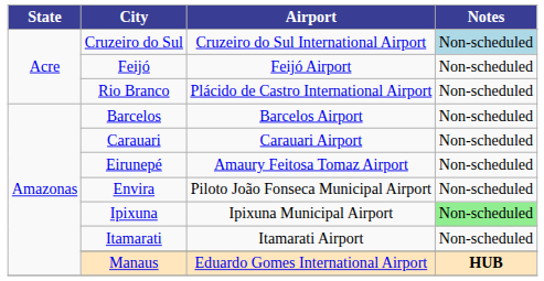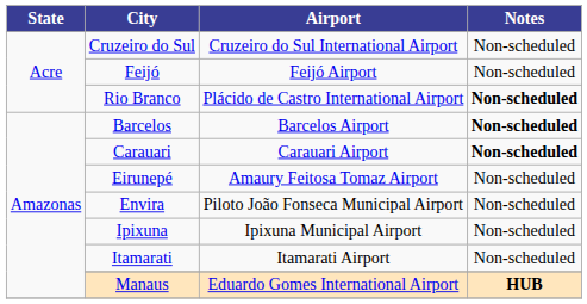 <table Class="wikitable" style= "text-align:center; margin: 1em auto;">
 <tr>
 <th style="background:#393d94; color:white;">State</th>
 <th style="background:#393d94; color:white;">City</th>
 <th style="background:#393d94; color:white;">Airport</th>
 <th style="background:#393d94; color:white;">Notes</th>
 </tr>
 <tr>
 <td rowspan=4><div><a href='#'>Acre</a></div></td>
 </tr>
 <tr>
 <td><a href='#'>Cruzeiro do Sul</a></td>
 <td><a href='#'>Cruzeiro do Sul International Airport</a></td>
-<td style="background: lightblue;">Non-scheduled</td>
+<td>Non-scheduled</td>
 </tr>
 <tr>
 <td><a href='#'>Feijó</a></td>
 <td><a href='#'>Feijó Airport</a></td>
 <td>Non-scheduled</td>
 </tr>
 <tr>
 <td><a href='#'>Rio Branco</a></td>
 <td><a href='#'>Plácido de Castro International Airport</a></td>
-<td>Non-scheduled</td>
+<td><strong>Non-scheduled</strong></td>
 </tr>
 <tr>
 <td rowspan=8><div><a href='#'>Amazonas</a></div></td>
 <td><a href='#'>Barcelos</a></td>
 <td><a href='#'>Barcelos Airport</a></td>
-<td>Non-scheduled</td>
+<td><strong>Non-scheduled</strong></td>
 </tr>
 <tr>
 <td><a href='#'>Carauari</a></td>
 <td><a href='#'>Carauari Airport</a></td>
-<td>Non-scheduled</td>
+<td><strong>Non-scheduled</strong></td>
 </tr>
 <tr>
 <td><a href='#'>Eirunepé</a></td>
 <td><a href='#'>Amaury Feitosa Tomaz Airport</a></td>
 <td>Non-scheduled</td>
 </tr>
 <tr>
 <td><a href='#'>Envira</a></td>
 <td>Piloto João Fonseca Municipal Airport</td>
 <td>Non-scheduled</td>
 </tr>
 <tr>
 <td><a href='#'>Ipixuna</a></td>
 <td>Ipixuna Municipal Airport</td>
-<td style="background: lightgreen;">Non-scheduled</td>
+<td>Non-scheduled</td>
 </tr>
 <tr>
 <td><a href='#'>Itamarati</a></td>
 <td>Itamarati Airport</td>
 <td>Non-scheduled</td>
 </tr>
 <tr>
 </tr>
 <tr style="background-color:#FFE6BD">
 <td><a href='#'>Manaus</a></td>
 <td><a href='#'>Eduardo Gomes International Airport</a></td>
 <td><strong>HUB</strong></td>
 </tr>
 <tr>
 </tr>
 </table>
